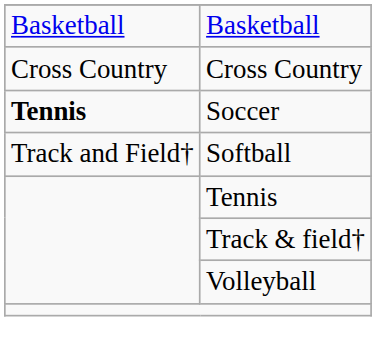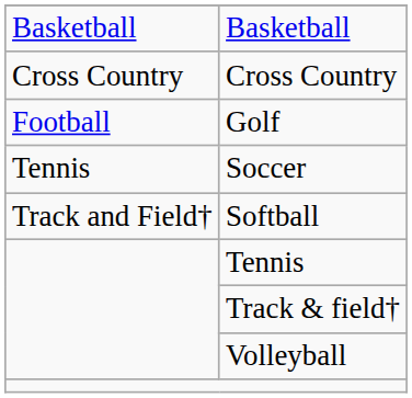 <table class="wikitable">
 <tr>
 </tr>
 <tr>
 <td><a href='#'>Basketball</a></td>
 <td><a href='#'>Basketball</a></td>
 </tr>
 <tr>
 <td>Cross Country</td>
 <td>Cross Country</td>
 </tr>
 <tr>
-<td><strong>Tennis</strong></td>
+<td><a href='#'>Football</a></td>
+<td>Golf</td>
+</tr>
+<tr>
+<td>Tennis</td>
 <td>Soccer</td>
 </tr>
 <tr>
 <td>Track and Field†</td>
 <td>Softball</td>
 </tr>
 <tr>
 <td rowspan=3></td>
 <td>Tennis</td>
 </tr>
 <tr>
 <td>Track & field†</td>
 </tr>
 <tr>
 <td>Volleyball</td>
 </tr>
 <tr>
 <td colspan="2"></td>
 </tr>
 </table>
